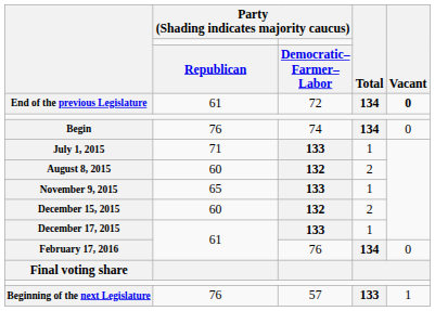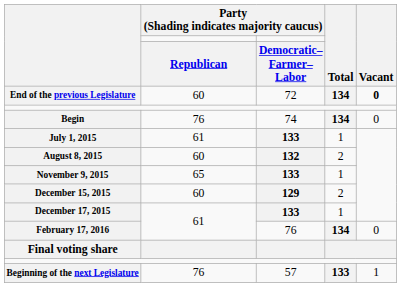 <table class=wikitable style="text-align:center">
 <tr style="vertical-align:bottom;">
 <th rowspan=3></th>
 <th colspan=2>Party <div>(Shading indicates majority caucus)</div></th>
 <th rowspan=3>Total</th>
 <th rowspan=3>Vacant</th>
 </tr>
 <tr style="height:5px">
 <td style="background-color:"></td>
 <td style="background-color:"></td>
 </tr>
 <tr>
 <th><a href='#'>Republican</a></th>
 <th width=60><a href='#'>Democratic–Farmer–Labor</a></th>
 </tr>
 <tr>
 <th nowrap style="font-size:80%">End of the <a href='#'>previous Legislature</a></th>
-<td>61</td>
+<td>60</td>
 <td>72</td>
 <th>134</th>
 <td><strong>0</strong></td>
 </tr>
 <tr>
 <td colspan=5></td>
 </tr>
 <tr>
 <th nowrap style="font-size:80%">Begin</th>
 <td>76</td>
 <td>74</td>
 <th>134</th>
 <td>0</td>
 </tr>
 <tr>
 <th nowrap style="font-size:80%">July 1, 2015</th>
-<td>71</td>
+<td>61</td>
 <th>133</th>
 <td>1</td>
 </tr>
 <tr>
 <th nowrap style="font-size:80%">August 8, 2015</th>
 <td>60</td>
 <th>132</th>
 <td>2</td>
 </tr>
 <tr>
 <th nowrap style="font-size:80%">November 9, 2015</th>
 <td>65</td>
 <th>133</th>
 <td>1</td>
 </tr>
 <tr>
 <th nowrap style="font-size:80%">December 15, 2015</th>
 <td>60</td>
-<th>132</th>
+<th>129</th>
 <td>2</td>
 </tr>
 <tr>
 <th nowrap style="font-size:80%">December 17, 2015</th>
 <td rowspan="2">61</td>
 <th>133</th>
 <td>1</td>
 </tr>
 <tr>
 <th nowrap style="font-size:80%">February 17, 2016</th>
 <td>76</td>
 <th>134</th>
 <td>0</td>
 </tr>
 <tr>
 <th>Final voting share</th>
 <th></th>
 <th></th>
 <th colspan=2></th>
 </tr>
 <tr>
 <td colspan=5></td>
 </tr>
 <tr>
 <th nowrap style="font-size:80%">Beginning of the <a href='#'>next Legislature</a></th>
 <td>76</td>
 <td>57</td>
 <th>133</th>
 <td>1</td>
 </tr>
 </table>
